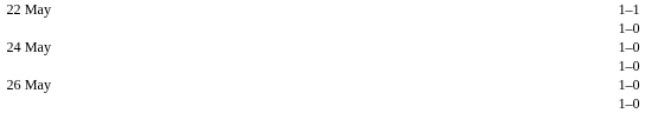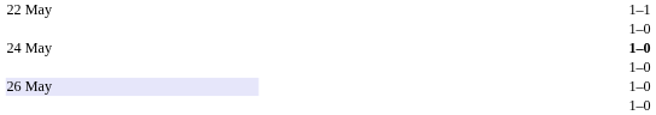 <table cellspacing=1 width=70%>
 <tr>
 <th width=25%></th>
 <th width=30%></th>
 <th width=15%></th>
 <th width=30%></th>
 </tr>
 <tr>
 <td>22 May</td>
 <td align=right></td>
 <td align=center>1–1</td>
 <td></td>
 </tr>
 <tr>
 <td></td>
 <td align=right></td>
 <td align=center>1–0</td>
 <td></td>
 </tr>
 <tr>
 <td>24 May</td>
 <td align=right></td>
-<td align=center>1–0</td>
+<td align=center><strong>1–0</strong></td>
 <td></td>
 </tr>
 <tr>
 <td></td>
 <td align=right></td>
 <td align=center>1–0</td>
 <td></td>
 </tr>
 <tr>
-<td>26 May</td>
+<td style="background: lavender;">26 May</td>
 <td align=right></td>
 <td align=center>1–0</td>
 <td></td>
 </tr>
 <tr>
 <td></td>
 <td align=right></td>
 <td align=center>1–0</td>
 <td></td>
 </tr>
 </table>
